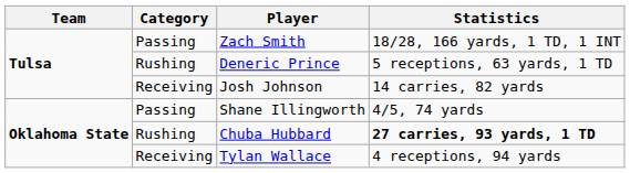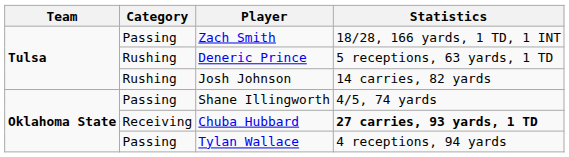 <table class="wikitable" style="float: right;">
 <tr>
 <th>Team</th>
 <th>Category</th>
 <th>Player</th>
 <th>Statistics</th>
 </tr>
 <tr>
 <td rowspan=3><strong>Tulsa</strong></td>
 <td>Passing</td>
 <td><a href='#'>Zach Smith</a></td>
 <td>18/28, 166 yards, 1 TD, 1 INT</td>
 </tr>
 <tr>
 <td>Rushing</td>
 <td><a href='#'>Deneric Prince</a></td>
 <td>5 receptions, 63 yards, 1 TD</td>
 </tr>
 <tr>
-<td>Receiving</td>
+<td>Rushing</td>
 <td>Josh Johnson</td>
 <td>14 carries, 82 yards</td>
 </tr>
 <tr>
 <td rowspan=3><strong>Oklahoma State</strong></td>
 <td>Passing</td>
 <td>Shane Illingworth</td>
 <td>4/5, 74 yards</td>
 </tr>
 <tr>
-<td>Rushing</td>
+<td>Receiving</td>
 <td><a href='#'>Chuba Hubbard</a></td>
 <td><strong>27 carries, 93 yards, 1 TD</strong></td>
 </tr>
 <tr>
-<td>Receiving</td>
+<td>Passing</td>
 <td><a href='#'>Tylan Wallace</a></td>
 <td>4 receptions, 94 yards</td>
 </tr>
 </table>
